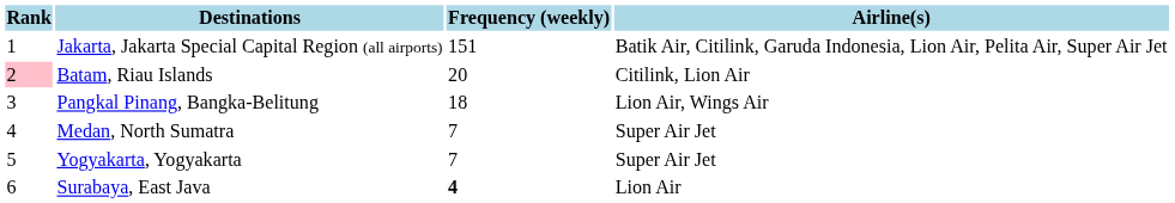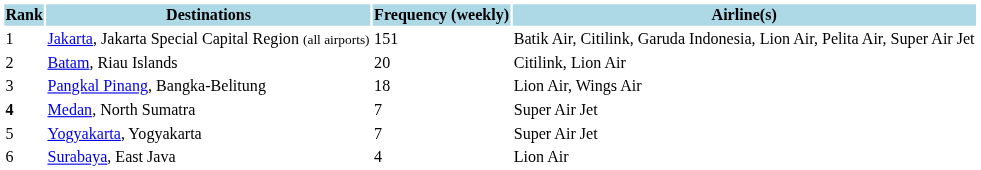 <table class="sortable" style="font-size:89%; align=center;">
 <tr style="background:lightblue;">
 <th>Rank</th>
 <th>Destinations</th>
 <th>Frequency (weekly)</th>
 <th>Airline(s)</th>
 </tr>
 <tr>
 <td>1</td>
 <td> <a href='#'>Jakarta</a>, Jakarta Special Capital Region <small>(all airports)</small></td>
 <td>151</td>
 <td>Batik Air, Citilink, Garuda Indonesia, Lion Air, Pelita Air, Super Air Jet</td>
 </tr>
 <tr>
-<td style="background: pink;">2</td>
+<td>2</td>
 <td> <a href='#'>Batam</a>, Riau Islands</td>
 <td>20</td>
 <td>Citilink, Lion Air</td>
 </tr>
 <tr>
 <td>3</td>
 <td> <a href='#'>Pangkal Pinang</a>, Bangka-Belitung</td>
 <td>18</td>
 <td>Lion Air, Wings Air</td>
 </tr>
 <tr>
-<td>4</td>
+<td><strong>4</strong></td>
 <td> <a href='#'>Medan</a>, North Sumatra</td>
 <td>7</td>
 <td>Super Air Jet</td>
 </tr>
 <tr>
 <td>5</td>
 <td> <a href='#'>Yogyakarta</a>, Yogyakarta</td>
 <td>7</td>
 <td>Super Air Jet</td>
 </tr>
 <tr>
 <td>6</td>
 <td> <a href='#'>Surabaya</a>, East Java</td>
-<td><strong>4</strong></td>
+<td>4</td>
 <td>Lion Air</td>
 </tr>
 <tr>
 </tr>
 </table>
